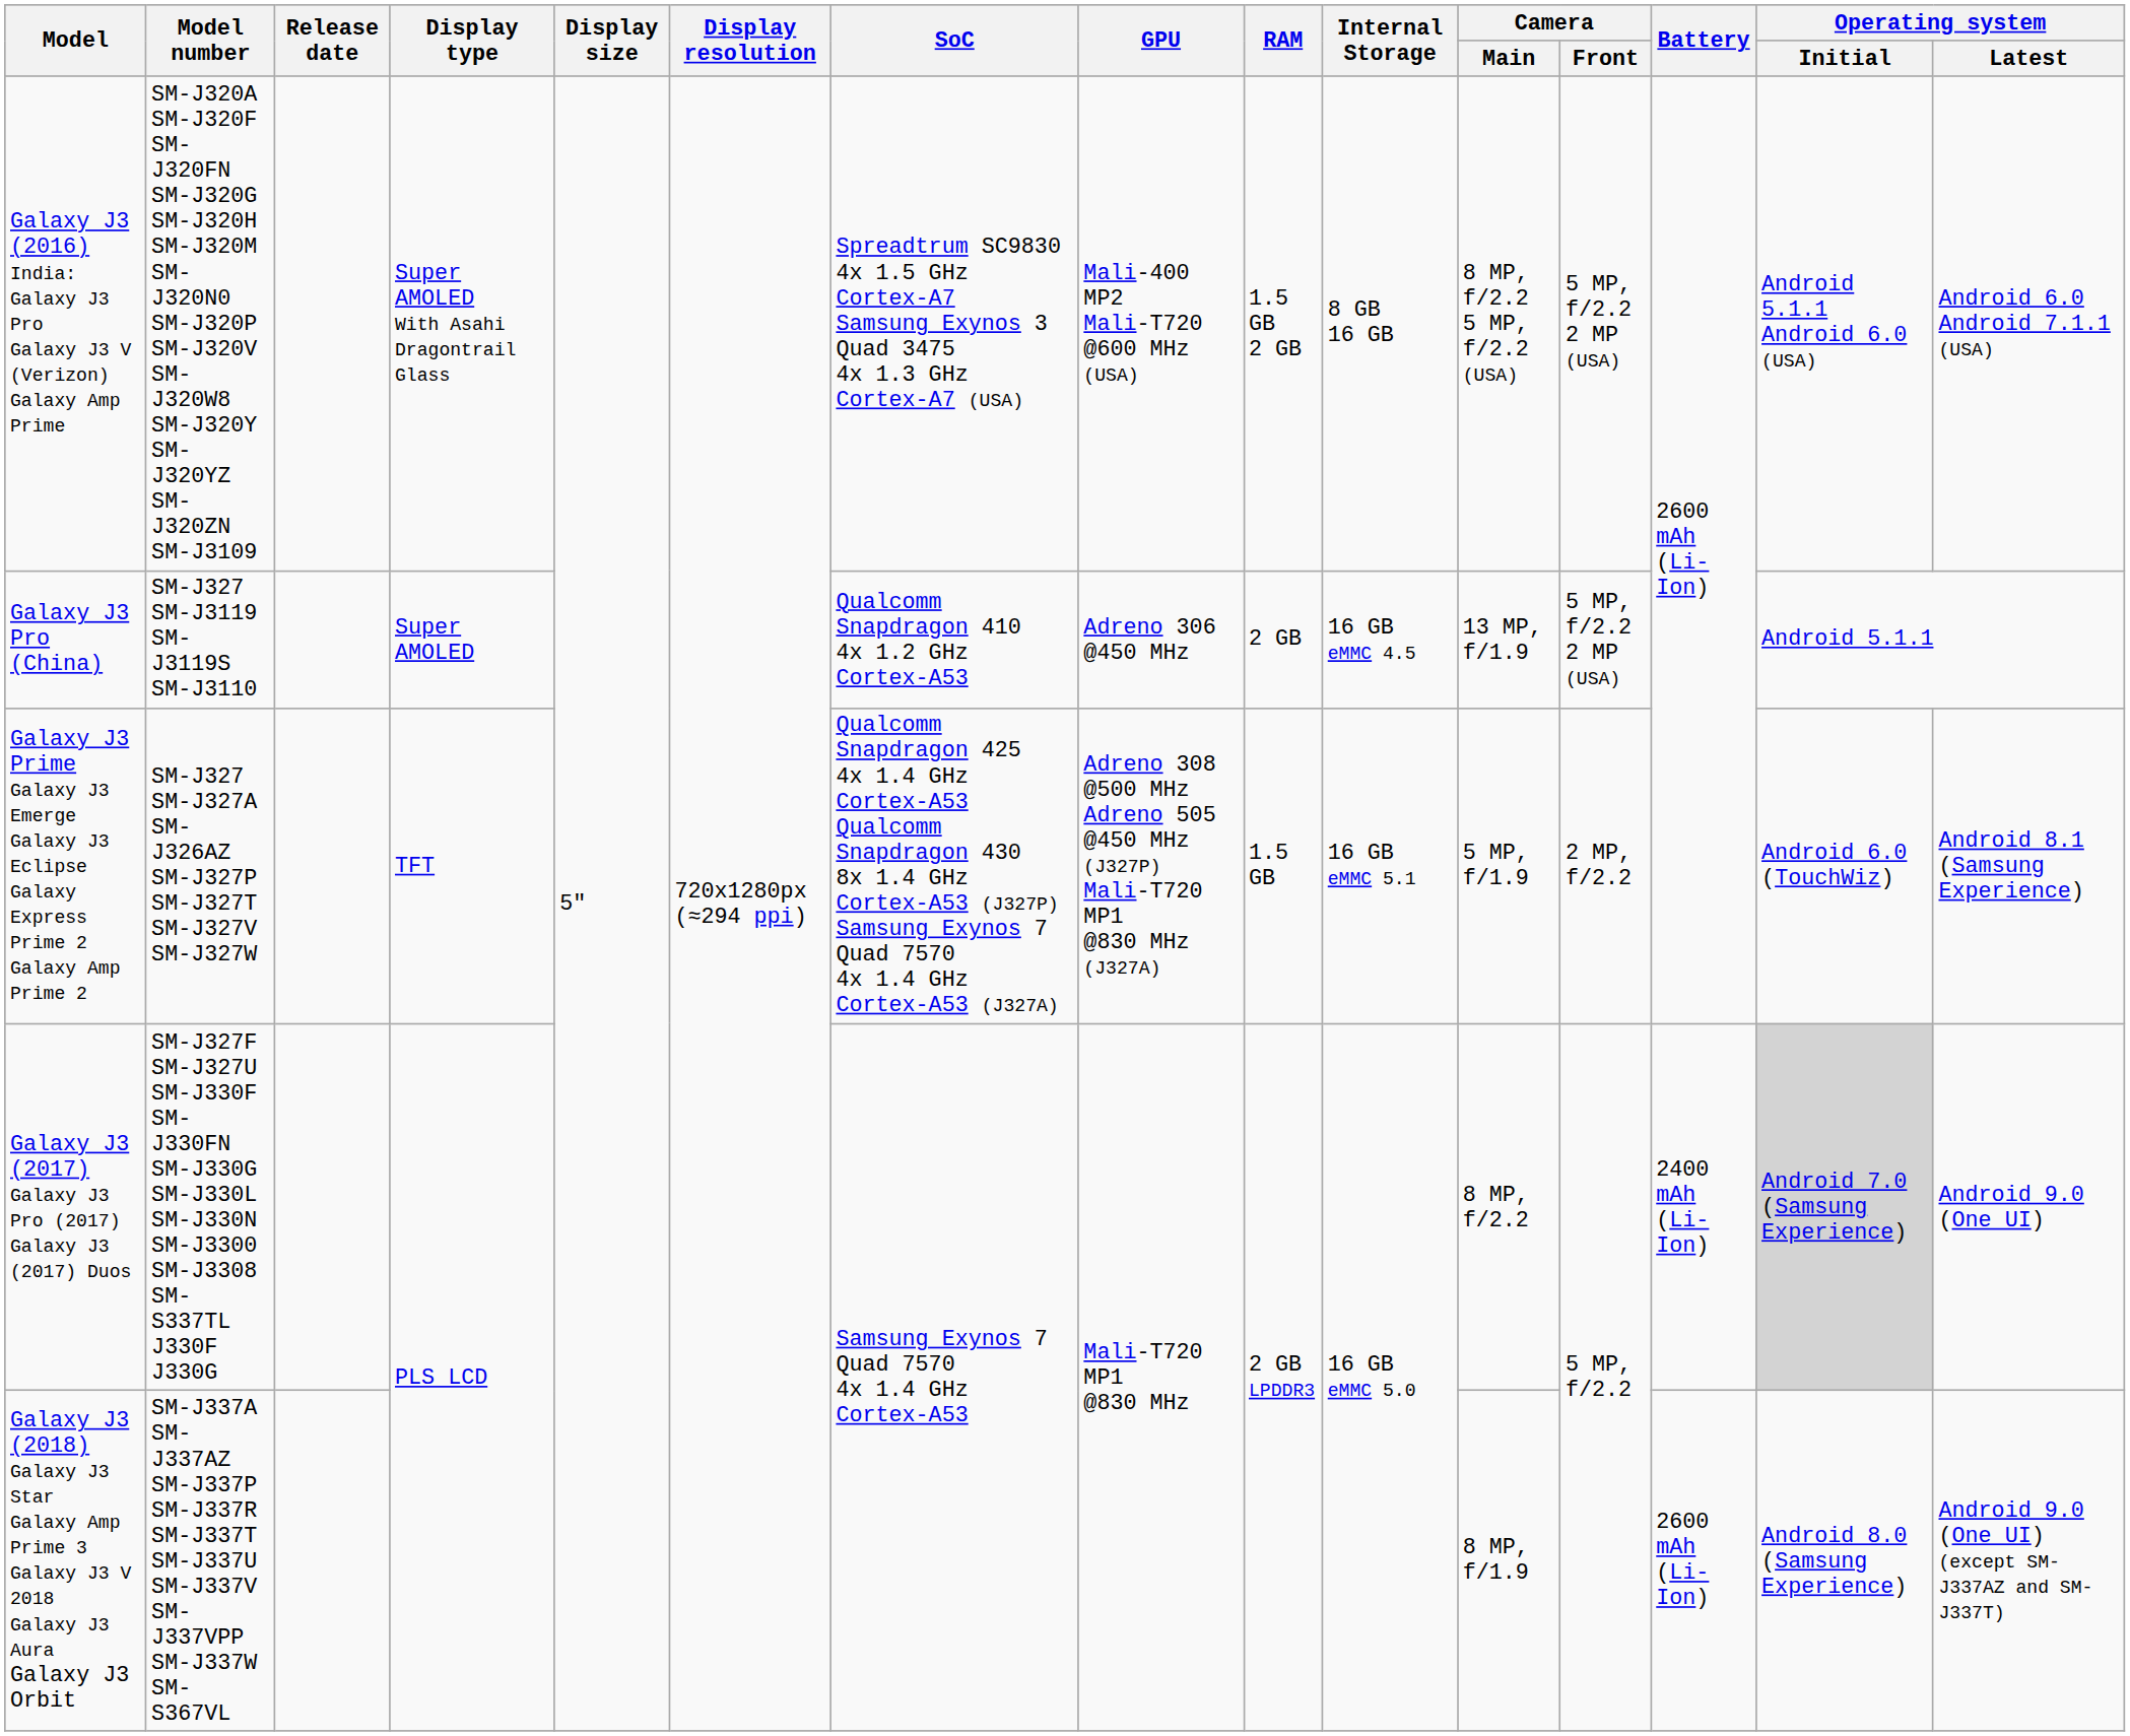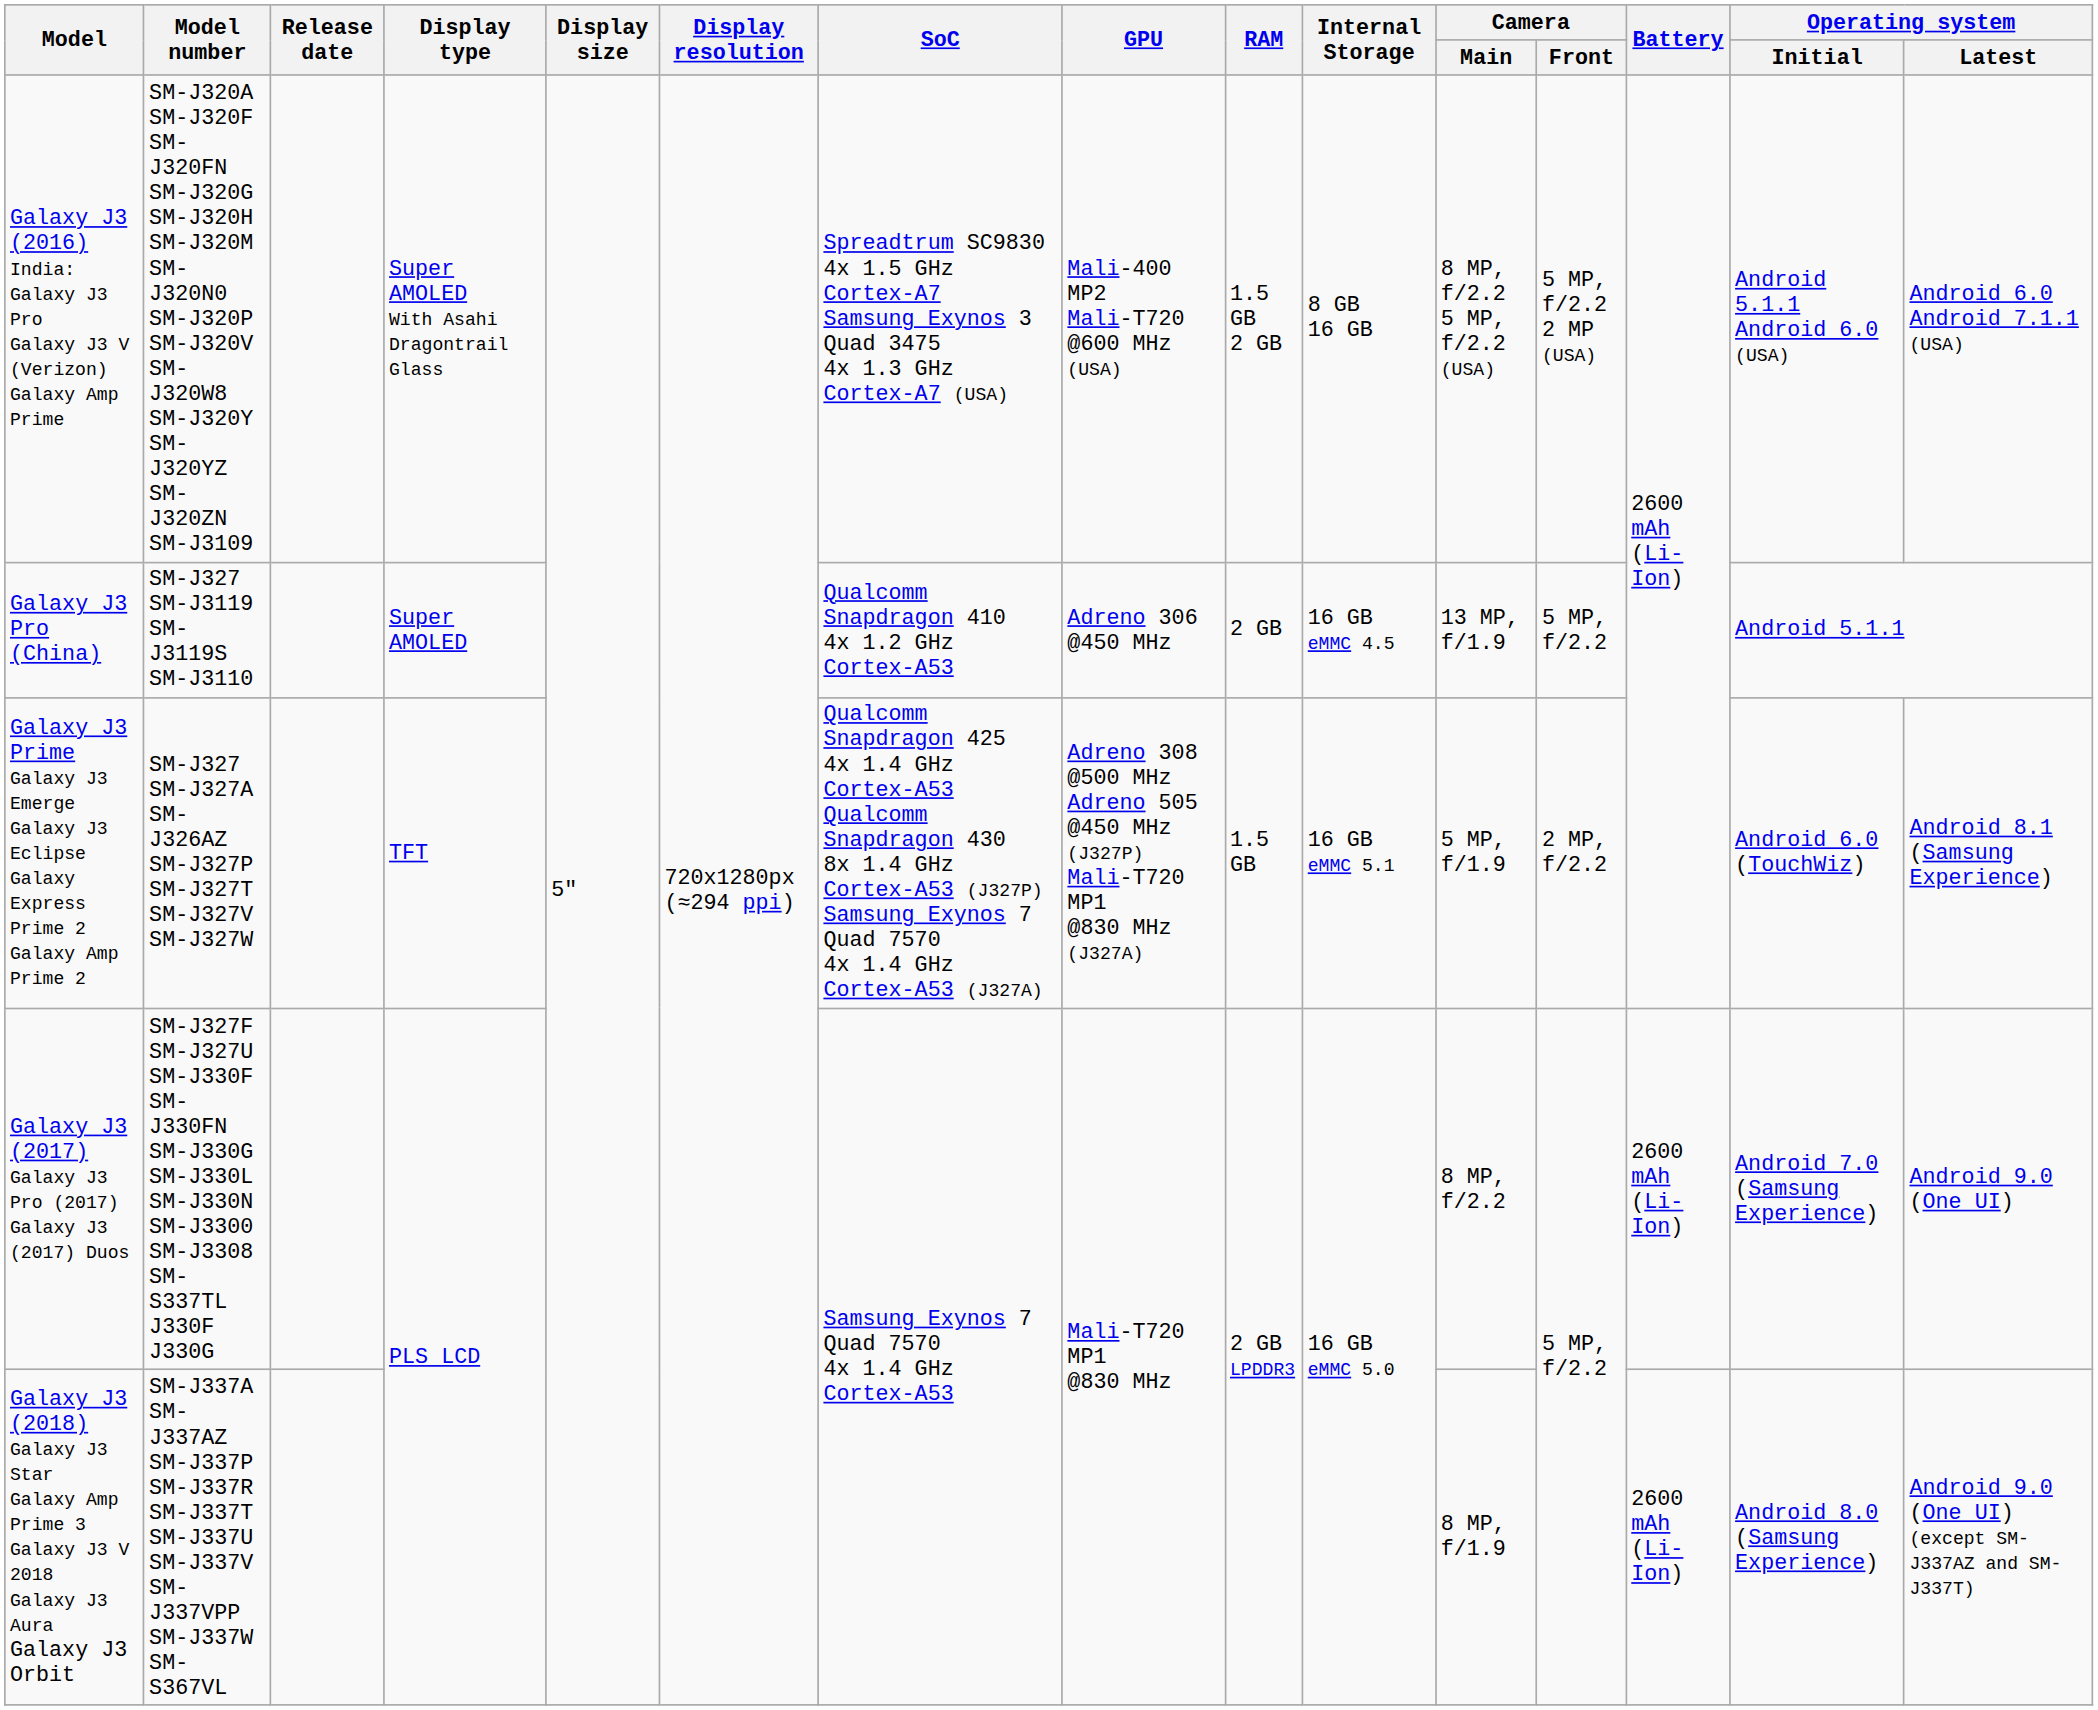 <table class="wikitable sortable">
 <tr>
 <th rowspan="2">Model</th>
 <th rowspan="2">Model number</th>
 <th rowspan="2">Release date</th>
 <th rowspan="2">Display type</th>
 <th rowspan="2">Display size</th>
 <th rowspan="2"><a href='#'>Display resolution</a></th>
 <th rowspan="2"><a href='#'>SoC</a></th>
 <th rowspan="2"><a href='#'>GPU</a></th>
 <th rowspan="2"><a href='#'>RAM</a></th>
 <th rowspan="2">Internal Storage</th>
 <th colspan="2">Camera</th>
 <th rowspan="2"><a href='#'>Battery</a></th>
 <th colspan="2"><a href='#'>Operating system</a></th>
 </tr>
 <tr>
 <th>Main</th>
 <th>Front</th>
 <th>Initial</th>
 <th>Latest</th>
 </tr>
 <tr>
 <td><a href='#'>Galaxy J3 (2016)</a><br><small>India: Galaxy J3 Pro</small><br><small>Galaxy J3 V (Verizon)</small><br><small>Galaxy Amp Prime</small></td>
 <td>SM-J320A<br>SM-J320F<br>SM-J320FN<br>SM-J320G<br>SM-J320H<br>SM-J320M<br>SM-J320N0<br>SM-J320P<br>SM-J320V<br>SM-J320W8<br>SM-J320Y<br>SM-J320YZ<br>SM-J320ZN<br>SM-J3109</td>
 <td></td>
 <td><a href='#'>Super AMOLED</a><br><small>With Asahi Dragontrail Glass</small></td>
 <td rowspan="5">5"</td>
 <td rowspan="5">720x1280px<br>(≈294 <a href='#'>ppi</a>)</td>
 <td><a href='#'>Spreadtrum</a> SC9830<br>4x 1.5 GHz <a href='#'>Cortex-A7</a><br><a href='#'>Samsung Exynos</a> 3 Quad 3475<br>4x 1.3 GHz <a href='#'>Cortex-A7</a> <small>(USA)</small></td>
 <td><a href='#'>Mali</a>-400 MP2<br><a href='#'>Mali</a>-T720<br>@600 MHz <small>(USA)</small></td>
 <td>1.5 GB<br>2 GB</td>
 <td>8 GB<br>16 GB</td>
 <td>8 MP, f/2.2<br>5 MP, f/2.2 <small>(USA)</small></td>
 <td>5 MP, f/2.2<br>2 MP <small>(USA)</small></td>
 <td rowspan="3">2600 <a href='#'>mAh</a><br>(<a href='#'>Li-Ion</a>)</td>
 <td><a href='#'>Android 5.1.1</a><br><a href='#'>Android 6.0</a> <small>(USA)</small></td>
 <td><a href='#'>Android 6.0</a><br><a href='#'>Android 7.1.1</a> <small>(USA)</small></td>
 </tr>
 <tr>
 <td><a href='#'>Galaxy J3 Pro (China)</a></td>
 <td>SM-J327<br>SM-J3119<br>SM-J3119S<br>SM-J3110</td>
 <td></td>
 <td><a href='#'>Super AMOLED</a></td>
 <td><a href='#'>Qualcomm Snapdragon</a> 410<br>4x 1.2 GHz <a href='#'>Cortex-A53</a></td>
 <td><a href='#'>Adreno</a> 306<br>@450 MHz</td>
 <td>2 GB</td>
 <td>16 GB<br><small><a href='#'>eMMC</a> 4.5</small></td>
 <td>13 MP, f/1.9</td>
-<td>5 MP, f/2.2<br>2 MP <small>(USA)</small></td>
+<td>5 MP, f/2.2</td>
 <td colspan="2"><a href='#'>Android 5.1.1</a></td>
 </tr>
 <tr>
 <td><a href='#'>Galaxy J3 Prime</a><br><small>Galaxy J3 Emerge</small><br><small>Galaxy J3 Eclipse</small><br><small>Galaxy Express Prime 2</small><br><small>Galaxy Amp Prime 2</small></td>
 <td>SM-J327<br>SM-J327A<br>SM-J326AZ<br>SM-J327P<br>SM-J327T<br>SM-J327V<br>SM-J327W</td>
 <td></td>
 <td><a href='#'>TFT</a></td>
 <td><a href='#'>Qualcomm Snapdragon</a> 425<br>4x 1.4 GHz <a href='#'>Cortex-A53</a><br><a href='#'>Qualcomm Snapdragon</a> 430<br>8x 1.4 GHz <a href='#'>Cortex-A53</a> <small>(J327P)</small> <a href='#'>Samsung Exynos</a> 7 Quad 7570<br>4x 1.4 GHz <a href='#'>Cortex-A53</a> <small>(J327A)</small></td>
 <td><a href='#'>Adreno</a> 308<br>@500 MHz<br><a href='#'>Adreno</a> 505<br>@450 MHz <small>(J327P)</small> <a href='#'>Mali</a>-T720 MP1<br>@830 MHz <small>(J327A)</small></td>
 <td>1.5 GB</td>
 <td>16 GB<br><small><a href='#'>eMMC</a> 5.1</small></td>
 <td>5 MP, f/1.9</td>
 <td>2 MP, f/2.2</td>
 <td><a href='#'>Android 6.0</a><br>(<a href='#'>TouchWiz</a>)</td>
 <td><a href='#'>Android 8.1</a><br>(<a href='#'>Samsung Experience</a>)</td>
 </tr>
 <tr>
 <td><a href='#'>Galaxy J3 (2017)</a><br><small>Galaxy J3 Pro (2017)</small><br><small>Galaxy J3 (2017) Duos</small></td>
 <td>SM-J327F<br>SM-J327U<br>SM-J330F<br>SM-J330FN<br>SM-J330G<br>SM-J330L<br>SM-J330N<br>SM-J3300<br>SM-J3308<br>SM-S337TL<br>J330F<br>J330G</td>
 <td></td>
 <td rowspan="2"><a href='#'>PLS LCD</a></td>
 <td rowspan="2"><a href='#'>Samsung Exynos</a> 7 Quad 7570<br>4x 1.4 GHz <a href='#'>Cortex-A53</a></td>
 <td rowspan="2"><a href='#'>Mali</a>-T720 MP1<br>@830 MHz</td>
 <td rowspan="2">2 GB<br><small><a href='#'>LPDDR3</a></small></td>
 <td rowspan="2">16 GB<br><small><a href='#'>eMMC</a> 5.0</small></td>
 <td>8 MP, f/2.2</td>
 <td rowspan="2">5 MP, f/2.2</td>
-<td>2400 <a href='#'>mAh</a><br>(<a href='#'>Li-Ion</a>)</td>
-<td style="background: lightgrey;"><a href='#'>Android 7.0</a><br>(<a href='#'>Samsung Experience</a>)</td>
+<td>2600 <a href='#'>mAh</a><br>(<a href='#'>Li-Ion</a>)</td>
+<td><a href='#'>Android 7.0</a><br>(<a href='#'>Samsung Experience</a>)</td>
 <td><a href='#'>Android 9.0</a><br>(<a href='#'>One UI</a>)</td>
 </tr>
 <tr>
 <td><a href='#'>Galaxy J3 (2018)</a><br><small>Galaxy J3 Star</small><br><small>Galaxy Amp Prime 3</small><br><small>Galaxy J3 V 2018</small><br><small>Galaxy J3 Aura</small><br>Galaxy J3 Orbit</td>
 <td>SM-J337A<br>SM-J337AZ<br>SM-J337P<br>SM-J337R<br>SM-J337T<br>SM-J337U<br>SM-J337V<br>SM-J337VPP<br>SM-J337W SM-S367VL</td>
 <td></td>
 <td>8 MP, f/1.9</td>
 <td>2600 <a href='#'>mAh</a><br>(<a href='#'>Li-Ion</a>)</td>
 <td><a href='#'>Android 8.0</a><br>(<a href='#'>Samsung Experience</a>)</td>
 <td><a href='#'>Android 9.0</a> (<a href='#'>One UI</a>)<br><small>(except SM-J337AZ and SM-J337T)</small></td>
 </tr>
 </table>
